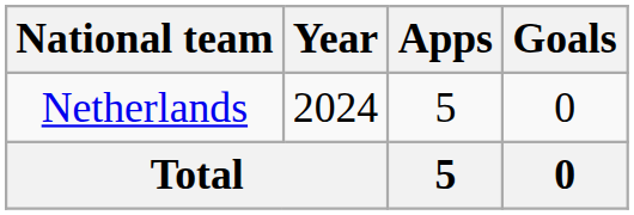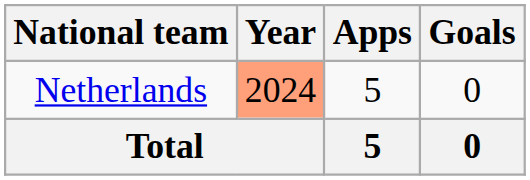 <table class="wikitable" style="text-align:center">
 <tr>
 <th>National team</th>
 <th>Year</th>
 <th>Apps</th>
 <th>Goals</th>
 </tr>
 <tr>
 <td><a href='#'>Netherlands</a></td>
-<td>2024</td>
+<td style="background: lightsalmon;">2024</td>
 <td>5</td>
 <td>0</td>
 </tr>
 <tr>
 <th colspan="2">Total</th>
 <th>5</th>
 <th>0</th>
 </tr>
 </table>
